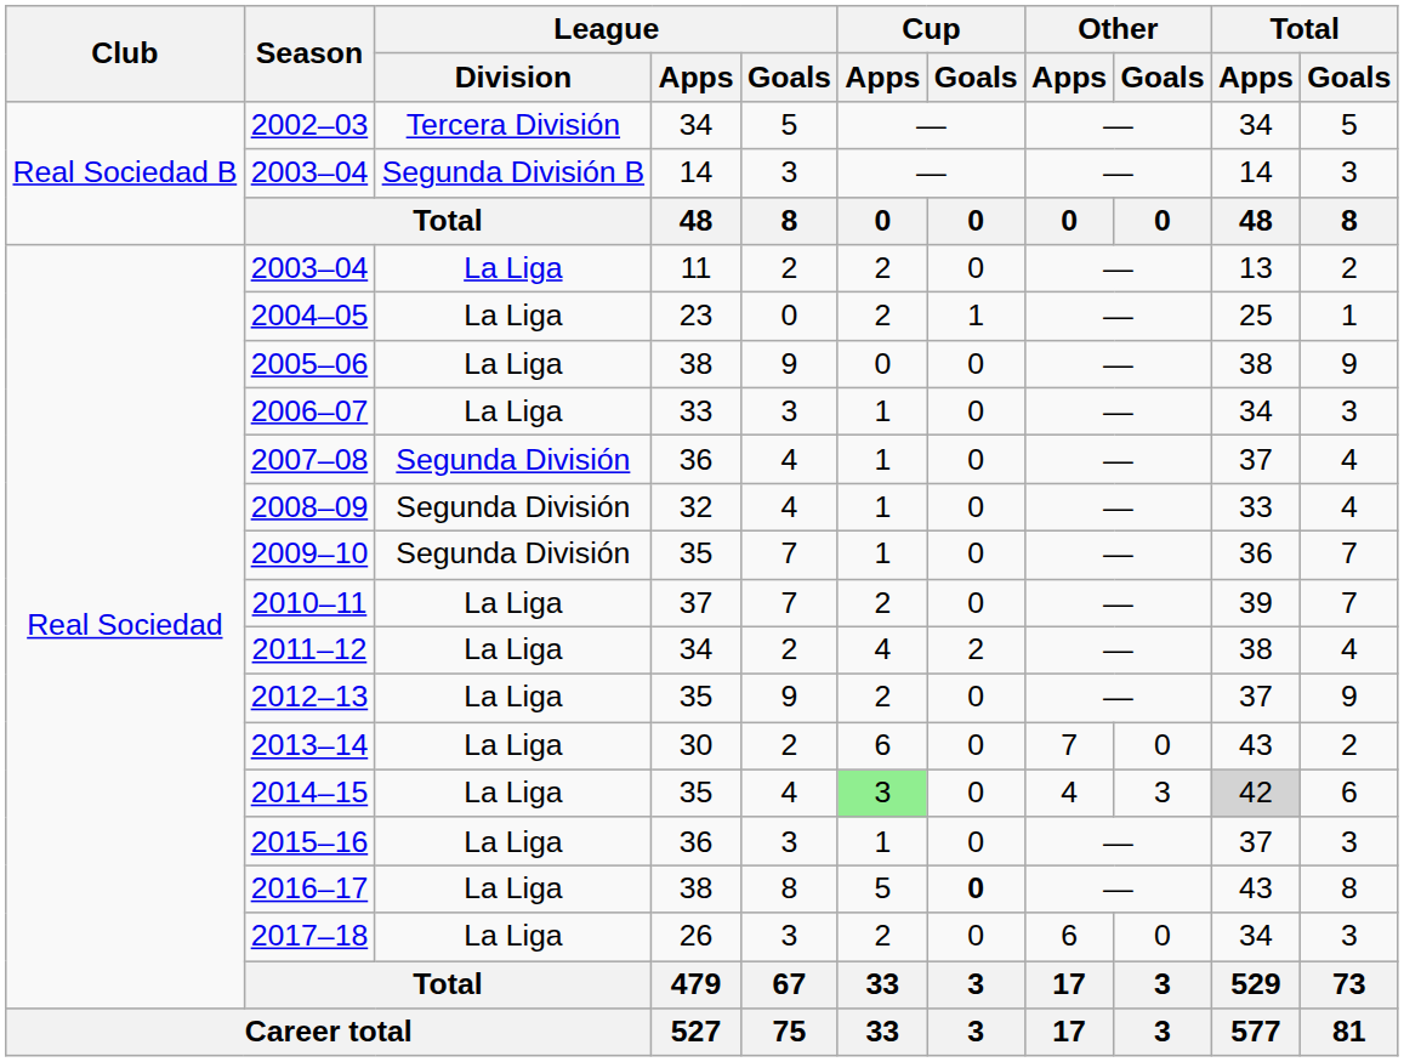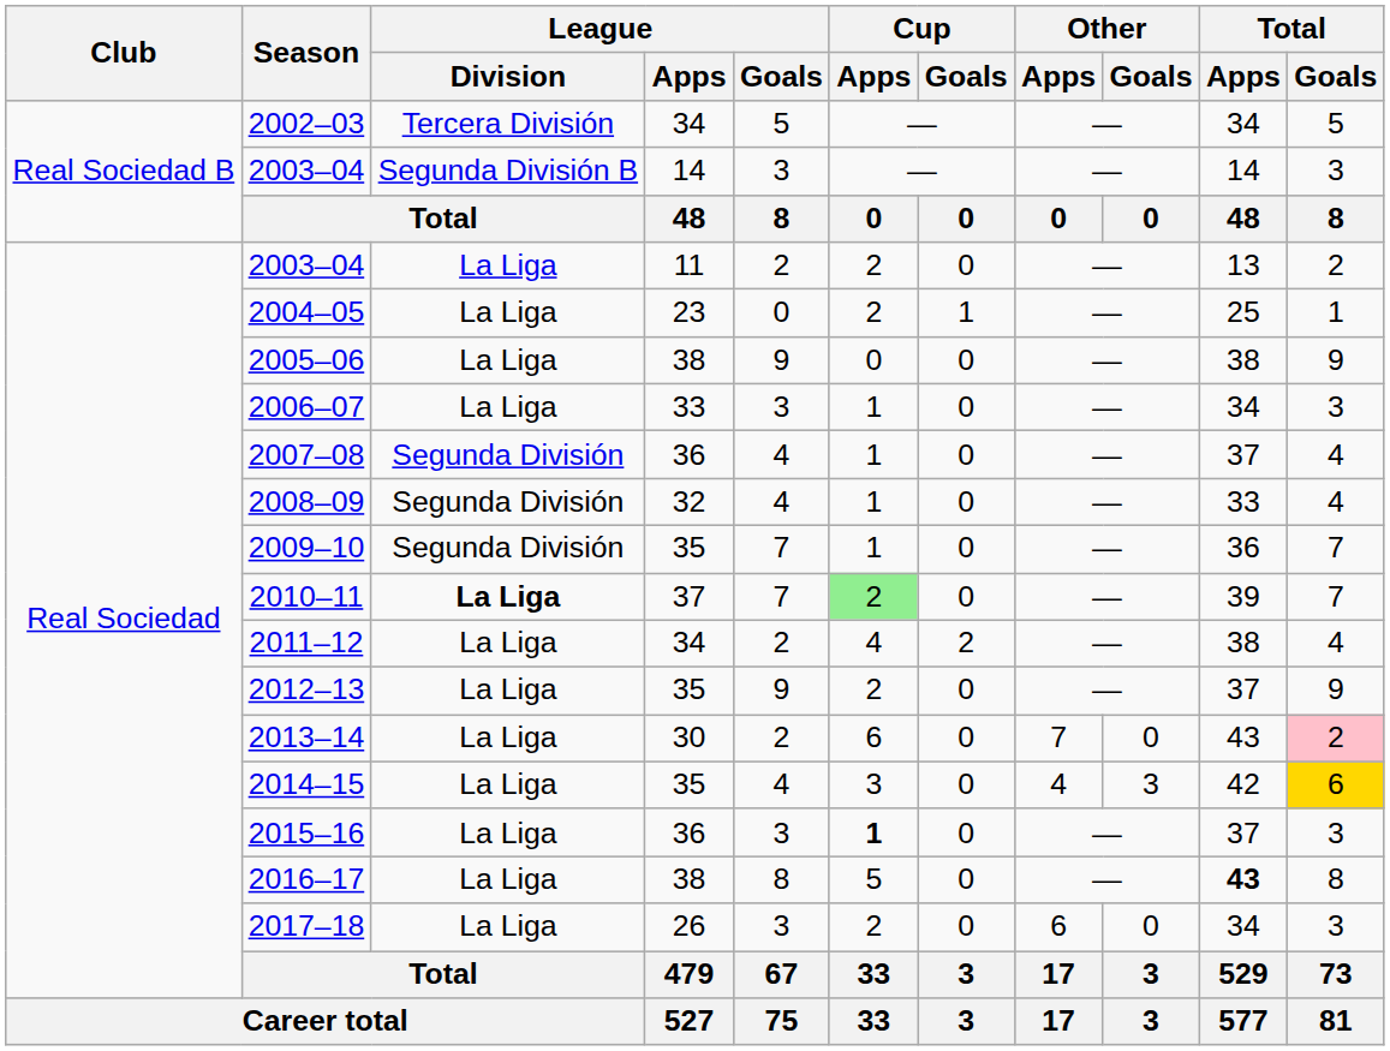 <table class="wikitable" style="text-align:center">
 <tr>
 <th rowspan="2">Club</th>
 <th rowspan="2">Season</th>
 <th colspan="3">League</th>
 <th colspan="2">Cup</th>
 <th colspan="2">Other</th>
 <th colspan="2">Total</th>
 </tr>
 <tr>
 <th>Division</th>
 <th>Apps</th>
 <th>Goals</th>
 <th>Apps</th>
 <th>Goals</th>
 <th>Apps</th>
 <th>Goals</th>
 <th>Apps</th>
 <th>Goals</th>
 </tr>
 <tr>
 <td rowspan="3"><a href='#'>Real Sociedad B</a></td>
 <td><a href='#'>2002–03</a></td>
 <td><a href='#'>Tercera División</a></td>
 <td>34</td>
 <td>5</td>
 <td colspan="2">—</td>
 <td colspan="2">—</td>
 <td>34</td>
 <td>5</td>
 </tr>
 <tr>
 <td><a href='#'>2003–04</a></td>
 <td><a href='#'>Segunda División B</a></td>
 <td>14</td>
 <td>3</td>
 <td colspan="2">—</td>
 <td colspan="2">—</td>
 <td>14</td>
 <td>3</td>
 </tr>
 <tr>
 <th colspan="2">Total</th>
 <th>48</th>
 <th>8</th>
 <th>0</th>
 <th>0</th>
 <th>0</th>
 <th>0</th>
 <th>48</th>
 <th>8</th>
 </tr>
 <tr>
 <td rowspan="16"><a href='#'>Real Sociedad</a></td>
 <td><a href='#'>2003–04</a></td>
 <td><a href='#'>La Liga</a></td>
 <td>11</td>
 <td>2</td>
 <td>2</td>
 <td>0</td>
 <td colspan="2">—</td>
 <td>13</td>
 <td>2</td>
 </tr>
 <tr>
 <td><a href='#'>2004–05</a></td>
 <td>La Liga</td>
 <td>23</td>
 <td>0</td>
 <td>2</td>
 <td>1</td>
 <td colspan="2">—</td>
 <td>25</td>
 <td>1</td>
 </tr>
 <tr>
 <td><a href='#'>2005–06</a></td>
 <td>La Liga</td>
 <td>38</td>
 <td>9</td>
 <td>0</td>
 <td>0</td>
 <td colspan="2">—</td>
 <td>38</td>
 <td>9</td>
 </tr>
 <tr>
 <td><a href='#'>2006–07</a></td>
 <td>La Liga</td>
 <td>33</td>
 <td>3</td>
 <td>1</td>
 <td>0</td>
 <td colspan="2">—</td>
 <td>34</td>
 <td>3</td>
 </tr>
 <tr>
 <td><a href='#'>2007–08</a></td>
 <td><a href='#'>Segunda División</a></td>
 <td>36</td>
 <td>4</td>
 <td>1</td>
 <td>0</td>
 <td colspan="2">—</td>
 <td>37</td>
 <td>4</td>
 </tr>
 <tr>
 <td><a href='#'>2008–09</a></td>
 <td>Segunda División</td>
 <td>32</td>
 <td>4</td>
 <td>1</td>
 <td>0</td>
 <td colspan="2">—</td>
 <td>33</td>
 <td>4</td>
 </tr>
 <tr>
 <td><a href='#'>2009–10</a></td>
 <td>Segunda División</td>
 <td>35</td>
 <td>7</td>
 <td>1</td>
 <td>0</td>
 <td colspan="2">—</td>
 <td>36</td>
 <td>7</td>
 </tr>
 <tr>
 <td><a href='#'>2010–11</a></td>
-<td>La Liga</td>
+<td><strong>La Liga</strong></td>
 <td>37</td>
 <td>7</td>
-<td>2</td>
+<td style="background: lightgreen;">2</td>
 <td>0</td>
 <td colspan="2">—</td>
 <td>39</td>
 <td>7</td>
 </tr>
 <tr>
 <td><a href='#'>2011–12</a></td>
 <td>La Liga</td>
 <td>34</td>
 <td>2</td>
 <td>4</td>
 <td>2</td>
 <td colspan="2">—</td>
 <td>38</td>
 <td>4</td>
 </tr>
 <tr>
 <td><a href='#'>2012–13</a></td>
 <td>La Liga</td>
 <td>35</td>
 <td>9</td>
 <td>2</td>
 <td>0</td>
 <td colspan="2">—</td>
 <td>37</td>
 <td>9</td>
 </tr>
 <tr>
 <td><a href='#'>2013–14</a></td>
 <td>La Liga</td>
 <td>30</td>
 <td>2</td>
 <td>6</td>
 <td>0</td>
 <td>7</td>
 <td>0</td>
 <td>43</td>
-<td>2</td>
+<td style="background: pink;">2</td>
 </tr>
 <tr>
 <td><a href='#'>2014–15</a></td>
 <td>La Liga</td>
 <td>35</td>
 <td>4</td>
-<td style="background: lightgreen;">3</td>
+<td>3</td>
 <td>0</td>
 <td>4</td>
 <td>3</td>
-<td style="background: lightgrey;">42</td>
-<td>6</td>
+<td>42</td>
+<td style="background: gold;">6</td>
 </tr>
 <tr>
 <td><a href='#'>2015–16</a></td>
 <td>La Liga</td>
 <td>36</td>
 <td>3</td>
-<td>1</td>
+<td><strong>1</strong></td>
 <td>0</td>
 <td colspan="2">—</td>
 <td>37</td>
 <td>3</td>
 </tr>
 <tr>
 <td><a href='#'>2016–17</a></td>
 <td>La Liga</td>
 <td>38</td>
 <td>8</td>
 <td>5</td>
-<td><strong>0</strong></td>
+<td>0</td>
 <td colspan="2">—</td>
-<td>43</td>
+<td><strong>43</strong></td>
 <td>8</td>
 </tr>
 <tr>
 <td><a href='#'>2017–18</a></td>
 <td>La Liga</td>
 <td>26</td>
 <td>3</td>
 <td>2</td>
 <td>0</td>
 <td>6</td>
 <td>0</td>
 <td>34</td>
 <td>3</td>
 </tr>
 <tr>
 <th colspan="2">Total</th>
 <th>479</th>
 <th>67</th>
 <th>33</th>
 <th>3</th>
 <th>17</th>
 <th>3</th>
 <th>529</th>
 <th>73</th>
 </tr>
 <tr>
 <th colspan="3">Career total</th>
 <th>527</th>
 <th>75</th>
 <th>33</th>
 <th>3</th>
 <th>17</th>
 <th>3</th>
 <th>577</th>
 <th>81</th>
 </tr>
 </table>
